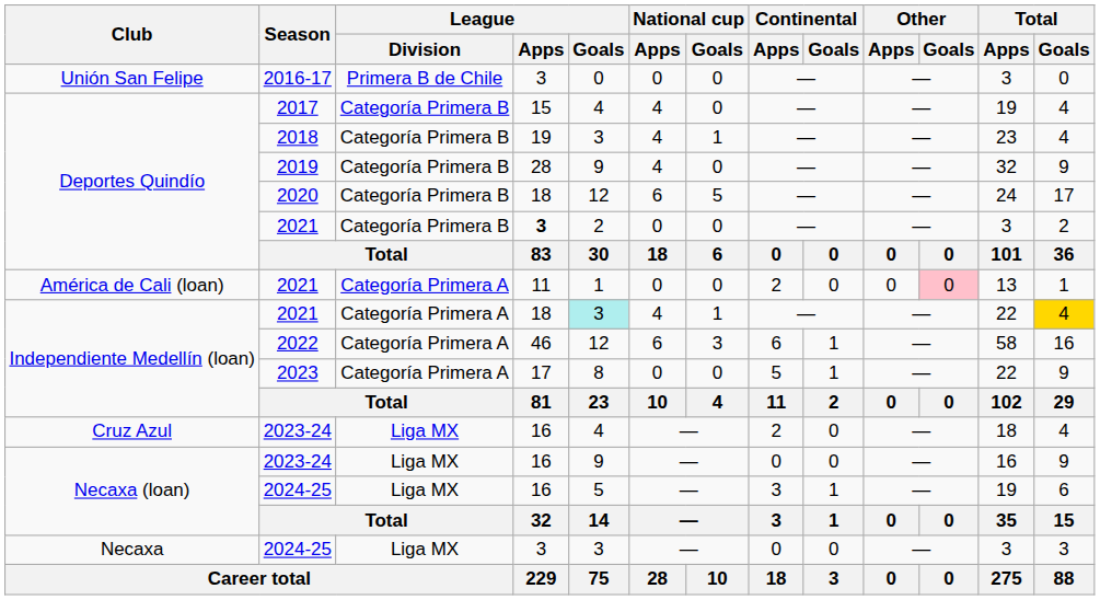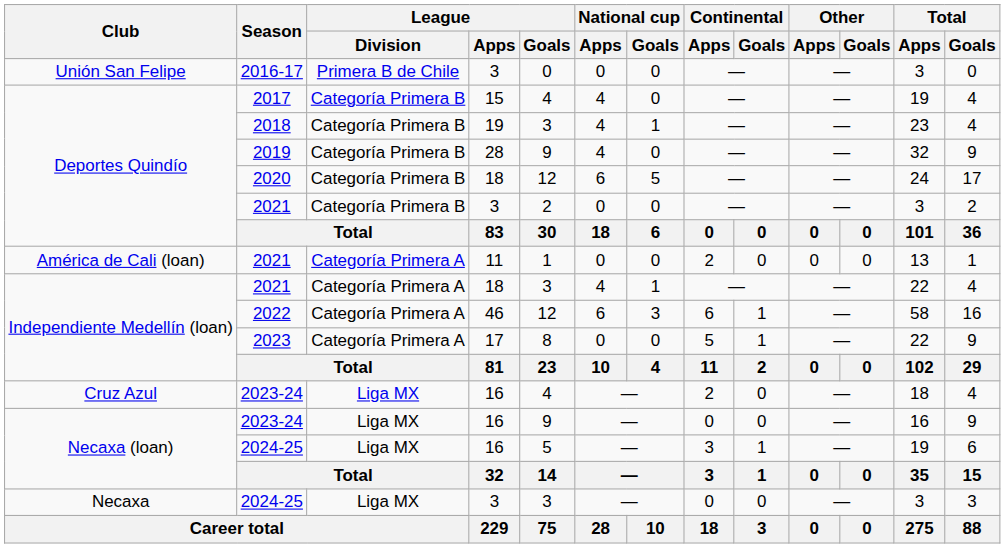 <table class="wikitable" style="text-align:center">
 <tr>
 <th rowspan="2">Club</th>
 <th rowspan="2">Season</th>
 <th colspan="3">League</th>
 <th colspan="2">National cup</th>
 <th colspan="2">Continental</th>
 <th colspan="2">Other</th>
 <th colspan="2">Total</th>
 </tr>
 <tr>
 <th>Division</th>
 <th>Apps</th>
 <th>Goals</th>
 <th>Apps</th>
 <th>Goals</th>
 <th>Apps</th>
 <th>Goals</th>
 <th>Apps</th>
 <th>Goals</th>
 <th>Apps</th>
 <th>Goals</th>
 </tr>
 <tr>
 <td><a href='#'>Unión San Felipe</a></td>
 <td><a href='#'>2016-17</a></td>
 <td><a href='#'>Primera B de Chile</a></td>
 <td>3</td>
 <td>0</td>
 <td>0</td>
 <td>0</td>
 <td colspan="2">—</td>
 <td colspan="2">—</td>
 <td>3</td>
 <td>0</td>
 </tr>
 <tr>
 <td rowspan="6"><a href='#'>Deportes Quindío</a></td>
 <td><a href='#'>2017</a></td>
 <td><a href='#'>Categoría Primera B</a></td>
 <td>15</td>
 <td>4</td>
 <td>4</td>
 <td>0</td>
 <td colspan="2">—</td>
 <td colspan="2">—</td>
 <td>19</td>
 <td>4</td>
 </tr>
 <tr>
 <td><a href='#'>2018</a></td>
 <td>Categoría Primera B</td>
 <td>19</td>
 <td>3</td>
 <td>4</td>
 <td>1</td>
 <td colspan="2">—</td>
 <td colspan="2">—</td>
 <td>23</td>
 <td>4</td>
 </tr>
 <tr>
 <td><a href='#'>2019</a></td>
 <td>Categoría Primera B</td>
 <td>28</td>
 <td>9</td>
 <td>4</td>
 <td>0</td>
 <td colspan="2">—</td>
 <td colspan="2">—</td>
 <td>32</td>
 <td>9</td>
 </tr>
 <tr>
 <td><a href='#'>2020</a></td>
 <td>Categoría Primera B</td>
 <td>18</td>
 <td>12</td>
 <td>6</td>
 <td>5</td>
 <td colspan="2">—</td>
 <td colspan="2">—</td>
 <td>24</td>
 <td>17</td>
 </tr>
 <tr>
 <td><a href='#'>2021</a></td>
 <td>Categoría Primera B</td>
-<td><strong>3</strong></td>
+<td>3</td>
 <td>2</td>
 <td>0</td>
 <td>0</td>
 <td colspan="2">—</td>
 <td colspan="2">—</td>
 <td>3</td>
 <td>2</td>
 </tr>
 <tr>
 <th colspan="2">Total</th>
 <th>83</th>
 <th>30</th>
 <th>18</th>
 <th>6</th>
 <th>0</th>
 <th>0</th>
 <th>0</th>
 <th>0</th>
 <th>101</th>
 <th>36</th>
 </tr>
 <tr>
 <td><a href='#'>América de Cali</a> (loan)</td>
 <td><a href='#'>2021</a></td>
 <td><a href='#'>Categoría Primera A</a></td>
 <td>11</td>
 <td>1</td>
 <td>0</td>
 <td>0</td>
 <td>2</td>
 <td>0</td>
 <td>0</td>
-<td style="background: pink;">0</td>
+<td>0</td>
 <td>13</td>
 <td>1</td>
 </tr>
 <tr>
 <td rowspan="4"><a href='#'>Independiente Medellín</a> (loan)</td>
 <td><a href='#'>2021</a></td>
 <td>Categoría Primera A</td>
 <td>18</td>
-<td style="background: paleturquoise;">3</td>
+<td>3</td>
 <td>4</td>
 <td>1</td>
 <td colspan="2">—</td>
 <td colspan="2">—</td>
 <td>22</td>
-<td style="background: gold;">4</td>
+<td>4</td>
 </tr>
 <tr>
 <td><a href='#'>2022</a></td>
 <td>Categoría Primera A</td>
 <td>46</td>
 <td>12</td>
 <td>6</td>
 <td>3</td>
 <td>6</td>
 <td>1</td>
 <td colspan="2">—</td>
 <td>58</td>
 <td>16</td>
 </tr>
 <tr>
 <td><a href='#'>2023</a></td>
 <td>Categoría Primera A</td>
 <td>17</td>
 <td>8</td>
 <td>0</td>
 <td>0</td>
 <td>5</td>
 <td>1</td>
 <td colspan="2">—</td>
 <td>22</td>
 <td>9</td>
 </tr>
 <tr>
 <th colspan="2">Total</th>
 <th>81</th>
 <th>23</th>
 <th>10</th>
 <th>4</th>
 <th>11</th>
 <th>2</th>
 <th>0</th>
 <th>0</th>
 <th>102</th>
 <th>29</th>
 </tr>
 <tr>
 <td><a href='#'>Cruz Azul</a></td>
 <td><a href='#'>2023-24</a></td>
 <td><a href='#'>Liga MX</a></td>
 <td>16</td>
 <td>4</td>
 <td colspan="2">—</td>
 <td>2</td>
 <td>0</td>
 <td colspan="2">—</td>
 <td>18</td>
 <td>4</td>
 </tr>
 <tr>
 <td rowspan="3"><a href='#'>Necaxa</a> (loan)</td>
 <td><a href='#'>2023-24</a></td>
 <td>Liga MX</td>
 <td>16</td>
 <td>9</td>
 <td colspan="2">—</td>
 <td>0</td>
 <td>0</td>
 <td colspan="2">—</td>
 <td>16</td>
 <td>9</td>
 </tr>
 <tr>
 <td><a href='#'>2024-25</a></td>
 <td>Liga MX</td>
 <td>16</td>
 <td>5</td>
 <td colspan="2">—</td>
 <td>3</td>
 <td>1</td>
 <td colspan="2">—</td>
 <td>19</td>
 <td>6</td>
 </tr>
 <tr>
 <th colspan="2">Total</th>
 <th>32</th>
 <th>14</th>
 <th colspan="2">—</th>
 <th>3</th>
 <th>1</th>
 <th>0</th>
 <th>0</th>
 <th>35</th>
 <th>15</th>
 </tr>
 <tr>
 <td>Necaxa</td>
 <td><a href='#'>2024-25</a></td>
 <td>Liga MX</td>
 <td>3</td>
 <td>3</td>
 <td colspan="2">—</td>
 <td>0</td>
 <td>0</td>
 <td colspan="2">—</td>
 <td>3</td>
 <td>3</td>
 </tr>
 <tr>
 <th colspan="3">Career total</th>
 <th>229</th>
 <th>75</th>
 <th>28</th>
 <th>10</th>
 <th>18</th>
 <th>3</th>
 <th>0</th>
 <th>0</th>
 <th>275</th>
 <th>88</th>
 </tr>
 </table>
